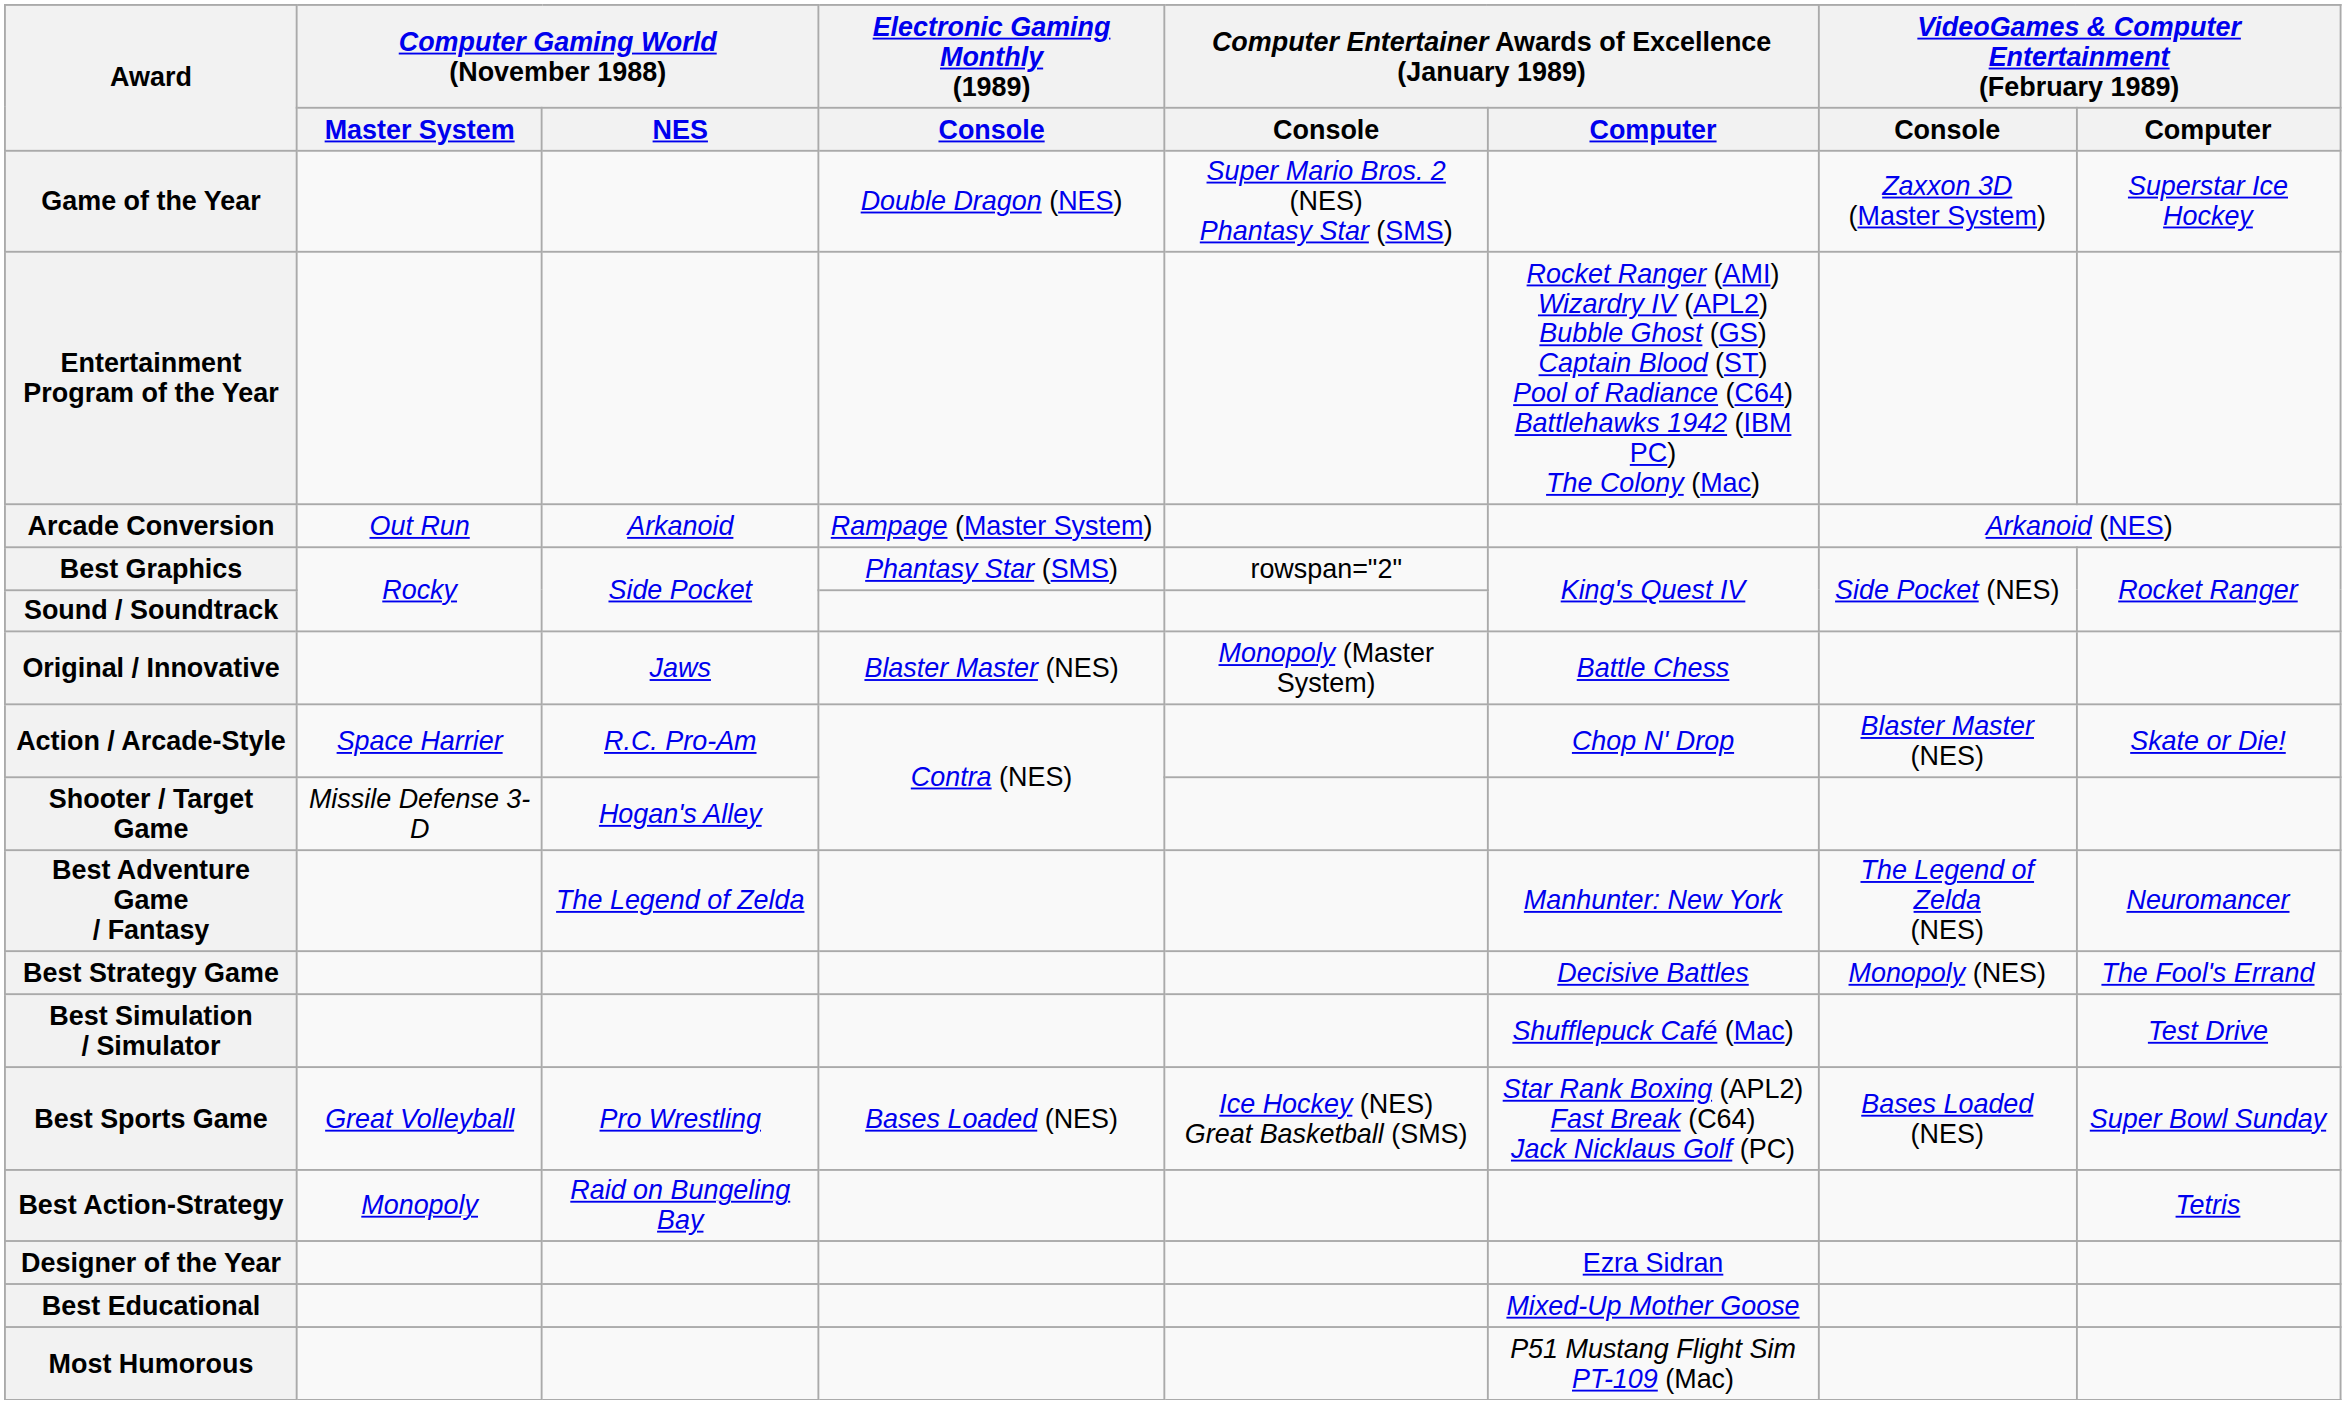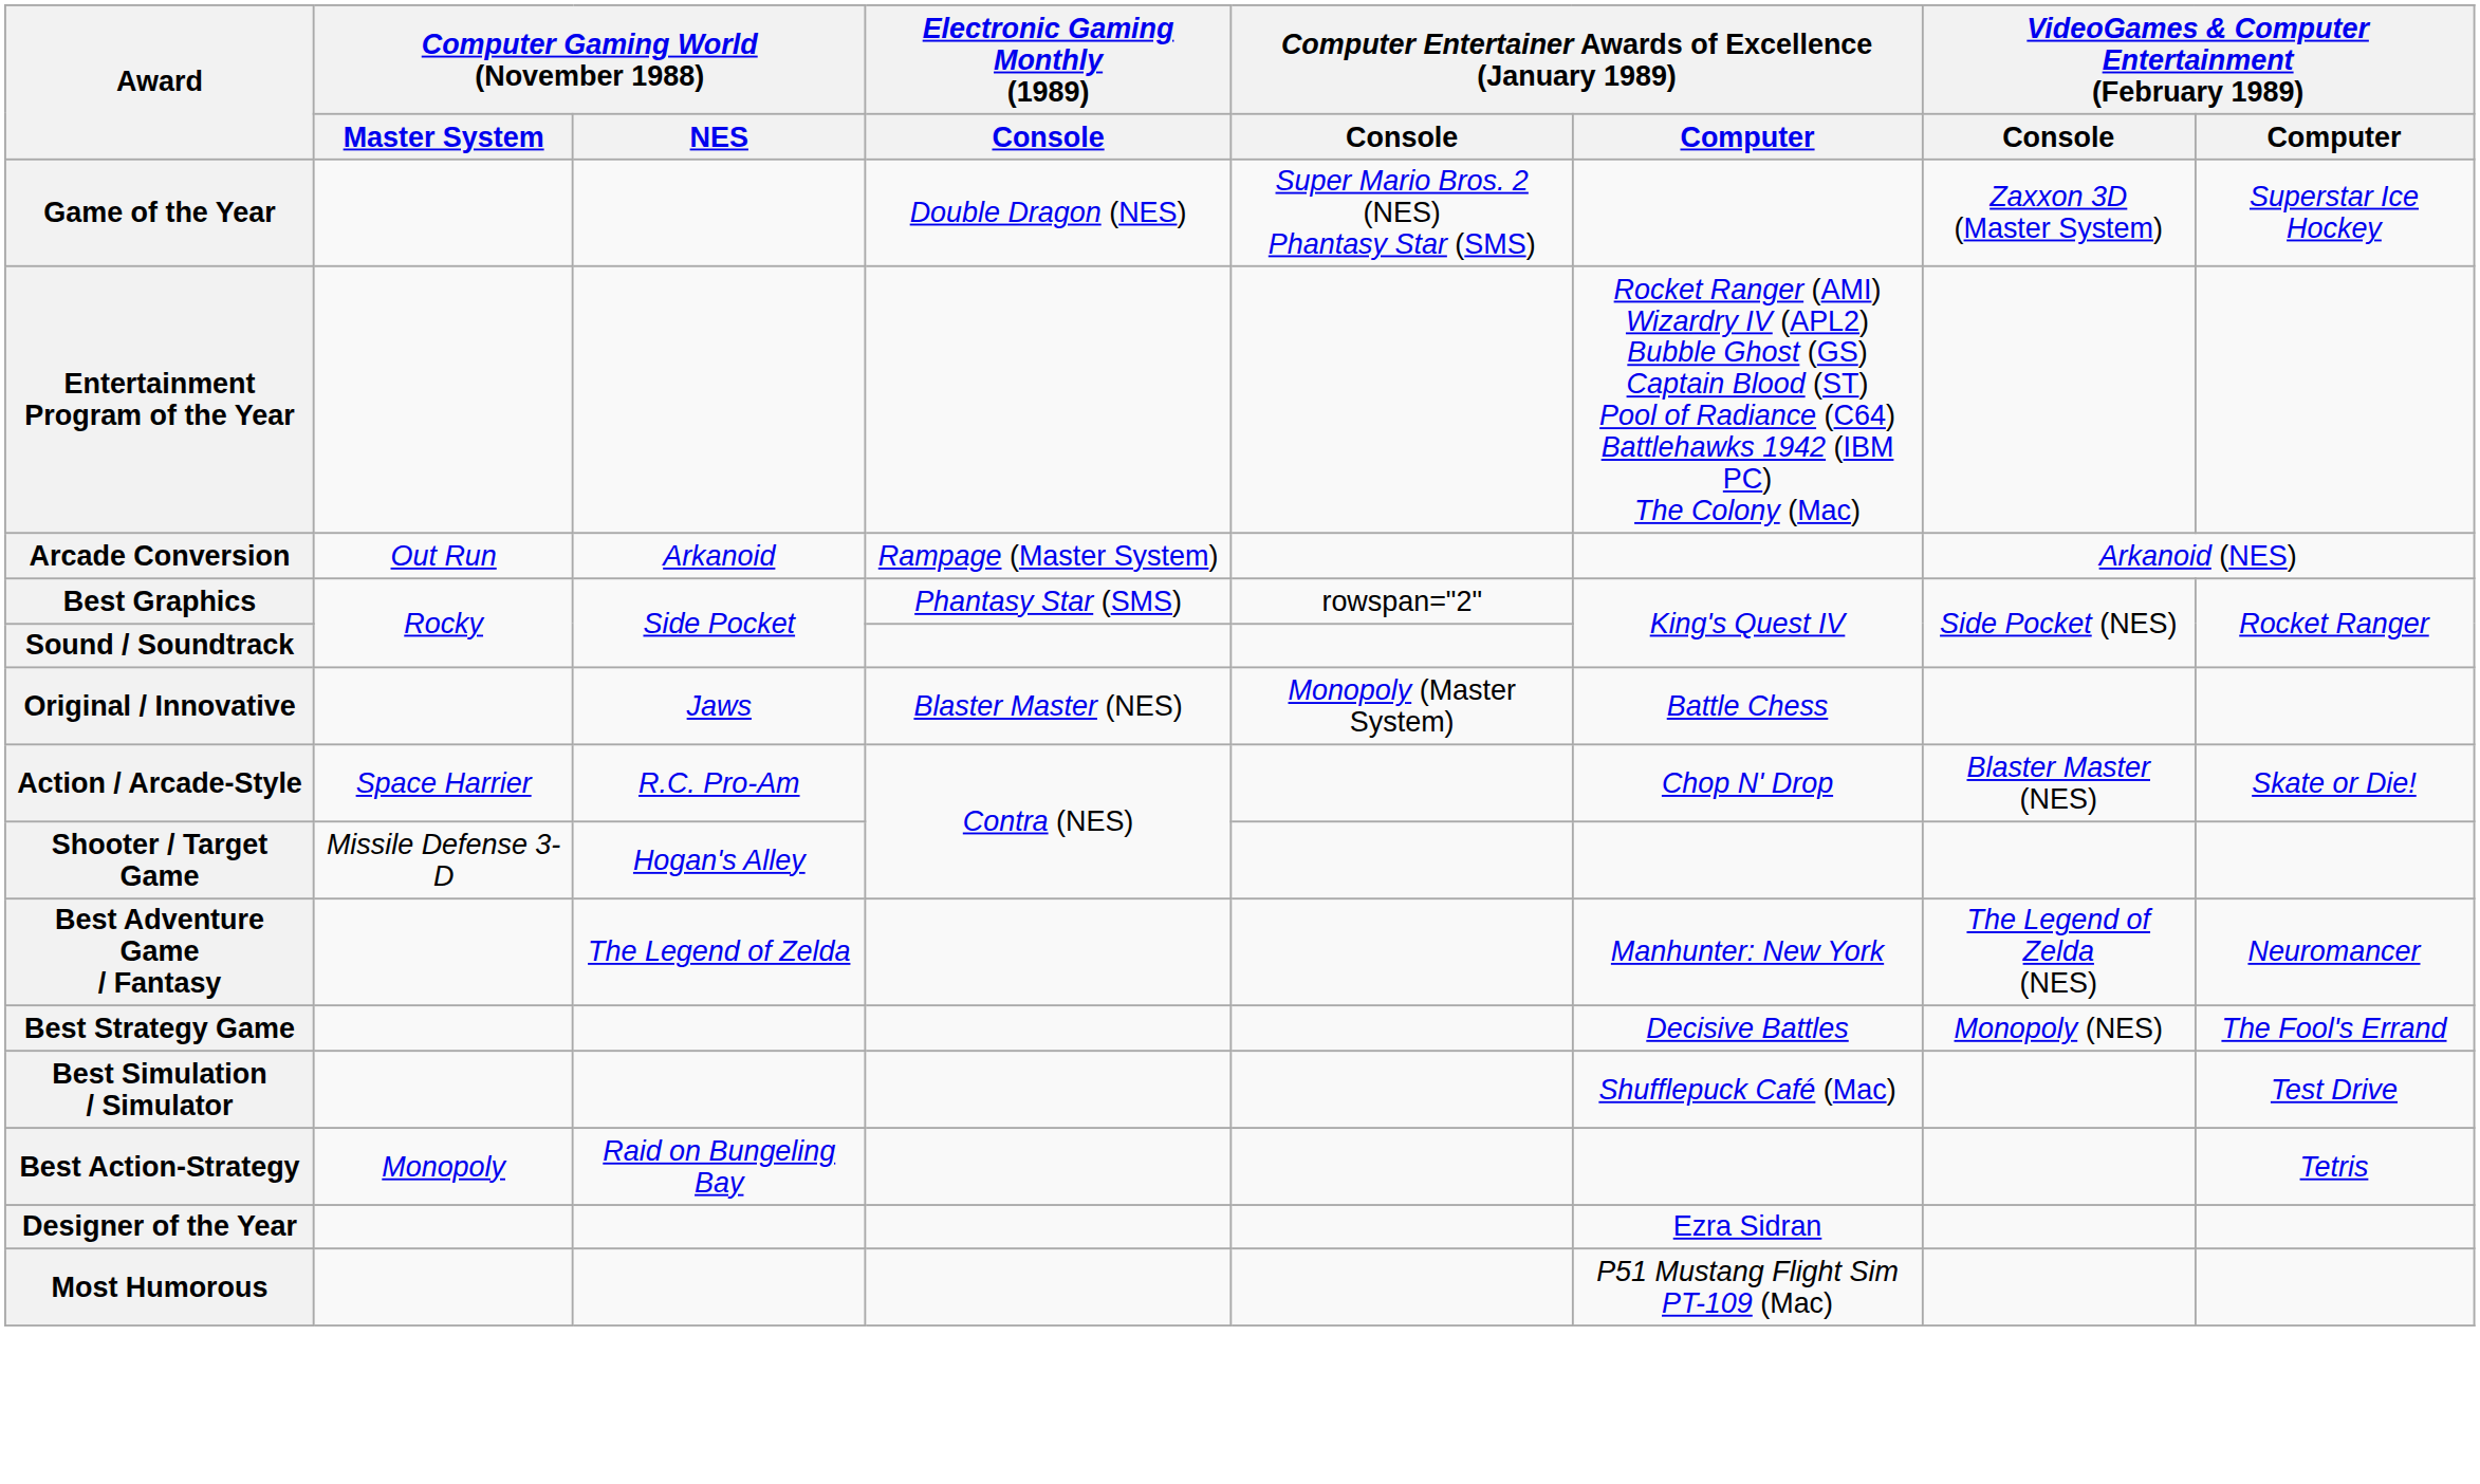 <table class="wikitable" style="text-align:center; font-size:90%">
 <tr>
 <th rowspan="2">Award</th>
 <th colspan="2"><em><a href='#'>Computer Gaming World</a></em> <br> (November 1988)</th>
 <th><em><a href='#'>Electronic Gaming Monthly</a></em> <br> (1989)</th>
 <th colspan="2"><em>Computer Entertainer</em> Awards of Excellence <br> (January 1989)</th>
 <th colspan="2"><em><a href='#'>VideoGames & Computer Entertainment</a></em> <br> (February 1989)</th>
 </tr>
 <tr>
 <th><a href='#'>Master System</a></th>
 <th><a href='#'>NES</a></th>
 <th><a href='#'>Console</a></th>
 <th>Console</th>
 <th><a href='#'>Computer</a></th>
 <th>Console</th>
 <th>Computer</th>
 </tr>
 <tr>
 <th>Game of the Year</th>
 <td></td>
 <td></td>
 <td><em><a href='#'>Double Dragon</a></em> (<a href='#'>NES</a>)</td>
 <td><em><a href='#'>Super Mario Bros. 2</a></em> (NES) <br> <em><a href='#'>Phantasy Star</a></em> (<a href='#'>SMS</a>)</td>
 <td></td>
 <td><em><a href='#'>Zaxxon 3D</a></em> <br> (<a href='#'>Master System</a>)</td>
 <td><em><a href='#'>Superstar Ice Hockey</a></em></td>
 </tr>
 <tr>
 <th>Entertainment <br> Program of the Year</th>
 <td></td>
 <td></td>
 <td></td>
 <td></td>
 <td><em><a href='#'>Rocket Ranger</a></em> (<a href='#'>AMI</a>) <br> <em><a href='#'>Wizardry IV</a></em> (<a href='#'>APL2</a>) <br> <em><a href='#'>Bubble Ghost</a></em> (<a href='#'>GS</a>) <br> <em><a href='#'>Captain Blood</a></em> (<a href='#'>ST</a>) <br> <em><a href='#'>Pool of Radiance</a></em> (<a href='#'>C64</a>) <br> <em><a href='#'>Battlehawks 1942</a></em> (<a href='#'>IBM PC</a>) <br> <em><a href='#'>The Colony</a></em> (<a href='#'>Mac</a>)</td>
 <td></td>
 <td></td>
 </tr>
 <tr>
 <th>Arcade Conversion</th>
 <td><em><a href='#'>Out Run</a></em></td>
 <td><em><a href='#'>Arkanoid</a></em></td>
 <td><em><a href='#'>Rampage</a></em> (<a href='#'>Master System</a>)</td>
 <td></td>
 <td></td>
 <td colspan="2"><em><a href='#'>Arkanoid</a></em> (<a href='#'>NES</a>)</td>
 </tr>
 <tr>
 <th>Best Graphics</th>
 <td rowspan="2"><em> <a href='#'>Rocky</a></em></td>
 <td rowspan="2"><em><a href='#'>Side Pocket</a></em></td>
 <td><em><a href='#'>Phantasy Star</a></em> (<a href='#'>SMS</a>)</td>
 <td>rowspan="2" </td>
 <td rowspan="2"><em><a href='#'>King's Quest IV</a></em></td>
 <td rowspan="2"><em><a href='#'>Side Pocket</a></em> (NES)</td>
 <td rowspan="2"><em><a href='#'>Rocket Ranger</a></em></td>
 </tr>
 <tr>
 <th>Sound / Soundtrack</th>
 <td></td>
 </tr>
 <tr>
 <th>Original / Innovative</th>
 <td></td>
 <td><em><a href='#'>Jaws</a></em></td>
 <td><em><a href='#'>Blaster Master</a></em> (NES)</td>
 <td><em><a href='#'>Monopoly</a></em> (Master System)</td>
 <td><em><a href='#'>Battle Chess</a></em></td>
 <td></td>
 <td></td>
 </tr>
 <tr>
 <th>Action / Arcade-Style</th>
 <td><em><a href='#'>Space Harrier</a></em></td>
 <td><em><a href='#'>R.C. Pro-Am</a></em></td>
 <td rowspan="2"><em><a href='#'>Contra</a></em> (NES)</td>
 <td></td>
 <td><em><a href='#'>Chop N' Drop</a></em></td>
 <td><em><a href='#'>Blaster Master</a></em> (NES)</td>
 <td><em><a href='#'>Skate or Die!</a></em></td>
 </tr>
 <tr>
 <th>Shooter / Target Game</th>
 <td><em>Missile Defense 3-D</em></td>
 <td><em><a href='#'>Hogan's Alley</a></em></td>
 <td></td>
 <td></td>
 <td></td>
 <td></td>
 </tr>
 <tr>
 <th>Best Adventure Game <br> / Fantasy</th>
 <td></td>
 <td><em><a href='#'>The Legend of Zelda</a></em></td>
 <td></td>
 <td></td>
 <td><em><a href='#'>Manhunter: New York</a></em></td>
 <td><em><a href='#'>The Legend of Zelda</a></em> <br> (NES)</td>
 <td><em><a href='#'>Neuromancer</a></em></td>
 </tr>
 <tr>
 <th>Best Strategy Game</th>
 <td></td>
 <td></td>
 <td></td>
 <td></td>
 <td><em><a href='#'>Decisive Battles</a></em></td>
 <td><em><a href='#'>Monopoly</a></em> (NES)</td>
 <td><em><a href='#'>The Fool's Errand</a></em></td>
 </tr>
 <tr>
 <th>Best Simulation <br> / Simulator</th>
 <td></td>
 <td></td>
 <td></td>
 <td></td>
 <td><em><a href='#'>Shufflepuck Café</a></em> (<a href='#'>Mac</a>)</td>
 <td></td>
 <td><em><a href='#'>Test Drive</a></em></td>
 </tr>
 <tr>
-<th>Best Sports Game</th>
-<td><em><a href='#'>Great Volleyball</a></em></td>
-<td><em><a href='#'>Pro Wrestling</a></em></td>
-<td><em><a href='#'>Bases Loaded</a></em> (NES)</td>
-<td><em><a href='#'>Ice Hockey</a></em> (NES) <br> <em>Great Basketball</em> (SMS)</td>
-<td><em><a href='#'>Star Rank Boxing</a></em> (APL2) <br> <em><a href='#'>Fast Break</a></em> (C64) <br> <em><a href='#'>Jack Nicklaus Golf</a></em> (PC)</td>
-<td><em><a href='#'>Bases Loaded</a></em> (NES)</td>
-<td><em><a href='#'>Super Bowl Sunday</a></em></td>
-</tr>
-<tr>
 <th>Best Action-Strategy</th>
 <td><em><a href='#'>Monopoly</a></em></td>
 <td><em><a href='#'>Raid on Bungeling Bay</a></em></td>
 <td></td>
 <td></td>
 <td></td>
 <td></td>
 <td><em><a href='#'>Tetris</a></em></td>
 </tr>
 <tr>
 <th>Designer of the Year</th>
 <td></td>
 <td></td>
 <td></td>
 <td></td>
 <td><a href='#'>Ezra Sidran</a></td>
 <td></td>
 <td></td>
 </tr>
 <tr>
-<th>Best Educational</th>
-<td></td>
-<td></td>
-<td></td>
-<td></td>
-<td><em><a href='#'>Mixed-Up Mother Goose</a></em></td>
-<td></td>
-<td></td>
-</tr>
-<tr>
 <th>Most Humorous</th>
 <td></td>
 <td></td>
 <td></td>
 <td></td>
 <td><em>P51 Mustang Flight Sim</em> <br> <em><a href='#'>PT-109</a></em> (Mac)</td>
 <td></td>
 <td></td>
 </tr>
 </table>
